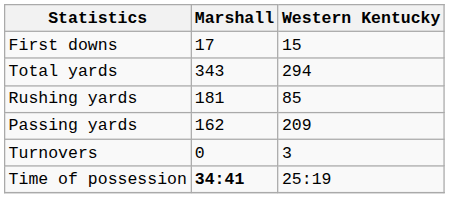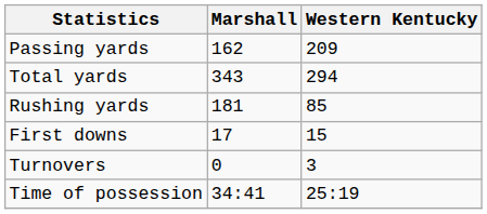 <table class="wikitable">
 <tr>
 <th>Statistics</th>
 <th>Marshall</th>
 <th>Western Kentucky</th>
 </tr>
 <tr>
-<td>First downs</td>
-<td>17</td>
-<td>15</td>
+<td>Passing yards</td>
+<td>162</td>
+<td>209</td>
 </tr>
 <tr>
 <td>Total yards</td>
 <td>343</td>
 <td>294</td>
 </tr>
 <tr>
 <td>Rushing yards</td>
 <td>181</td>
 <td>85</td>
 </tr>
 <tr>
-<td>Passing yards</td>
-<td>162</td>
-<td>209</td>
+<td>First downs</td>
+<td>17</td>
+<td>15</td>
 </tr>
 <tr>
 <td>Turnovers</td>
 <td>0</td>
 <td>3</td>
 </tr>
 <tr>
 <td>Time of possession</td>
-<td><strong>34:41</strong></td>
+<td>34:41</td>
 <td>25:19</td>
 </tr>
 <tr>
 </tr>
 </table>
